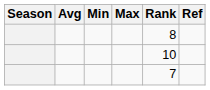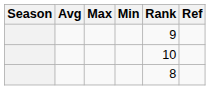 <table class="wikitable plainrowheaders sortable">
 <tr>
 <th scope=col>Season</th>
 <th scope=col>Avg</th>
+<th scope=col>Max</th>
 <th scope=col>Min</th>
-<th scope=col>Max</th>
 <th scope=col>Rank</th>
 <th scope=col class="unsortable">Ref</th>
 </tr>
 <tr>
 <th scope="row" style="text-align:right;"></th>
 <td align=right></td>
 <td align=right></td>
 <td align=right></td>
-<td align=right>8</td>
+<td align=right>9</td>
 <td align=center></td>
 </tr>
 <tr>
 <th scope="row" style="text-align:right;"></th>
 <td align=right></td>
 <td align=right></td>
 <td align=right></td>
 <td align=right>10</td>
 <td align=center></td>
 </tr>
 <tr>
 <th scope="row" style="text-align:right;"></th>
 <td align=right></td>
 <td align=right></td>
 <td align=right></td>
-<td align=right>7</td>
+<td align=right>8</td>
 <td align=center></td>
 </tr>
 </table>
